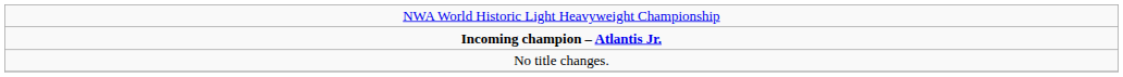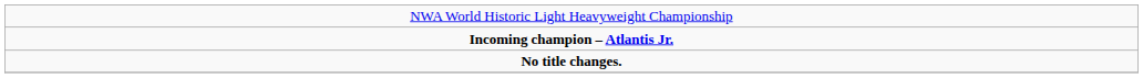 <table class="wikitable" style="text-align:center; width:100%;">
 <tr>
 <td colspan="4" style="text-align: center;"><a href='#'>NWA World Historic Light Heavyweight Championship</a></td>
 </tr>
 <tr>
 <td colspan="4" style="text-align: center;"><strong>Incoming champion – <a href='#'>Atlantis Jr.</a></strong></td>
 </tr>
 <tr>
-<td>No title changes.</td>
+<td><strong>No title changes.</strong></td>
 </tr>
 <tr>
 </tr>
 </table>
